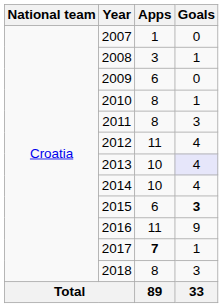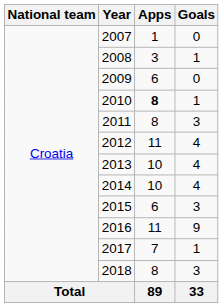 <table class="wikitable" style="text-align:center">
 <tr>
 <th>National team</th>
 <th>Year</th>
 <th>Apps</th>
 <th>Goals</th>
 </tr>
 <tr>
 <td rowspan="12"><a href='#'>Croatia</a></td>
 <td>2007</td>
 <td>1</td>
 <td>0</td>
 </tr>
 <tr>
 <td>2008</td>
 <td>3</td>
 <td>1</td>
 </tr>
 <tr>
 <td>2009</td>
 <td>6</td>
 <td>0</td>
 </tr>
 <tr>
 <td>2010</td>
-<td>8</td>
+<td><strong>8</strong></td>
 <td>1</td>
 </tr>
 <tr>
 <td>2011</td>
 <td>8</td>
 <td>3</td>
 </tr>
 <tr>
 <td>2012</td>
 <td>11</td>
 <td>4</td>
 </tr>
 <tr>
 <td>2013</td>
 <td>10</td>
-<td style="background: lavender;">4</td>
+<td>4</td>
 </tr>
 <tr>
 <td>2014</td>
 <td>10</td>
 <td>4</td>
 </tr>
 <tr>
 <td>2015</td>
 <td>6</td>
-<td><strong>3</strong></td>
+<td>3</td>
 </tr>
 <tr>
 <td>2016</td>
 <td>11</td>
 <td>9</td>
 </tr>
 <tr>
 <td>2017</td>
-<td><strong>7</strong></td>
+<td>7</td>
 <td>1</td>
 </tr>
 <tr>
 <td>2018</td>
 <td>8</td>
 <td>3</td>
 </tr>
 <tr>
 <th colspan="2">Total</th>
 <th>89</th>
 <th>33</th>
 </tr>
 </table>
